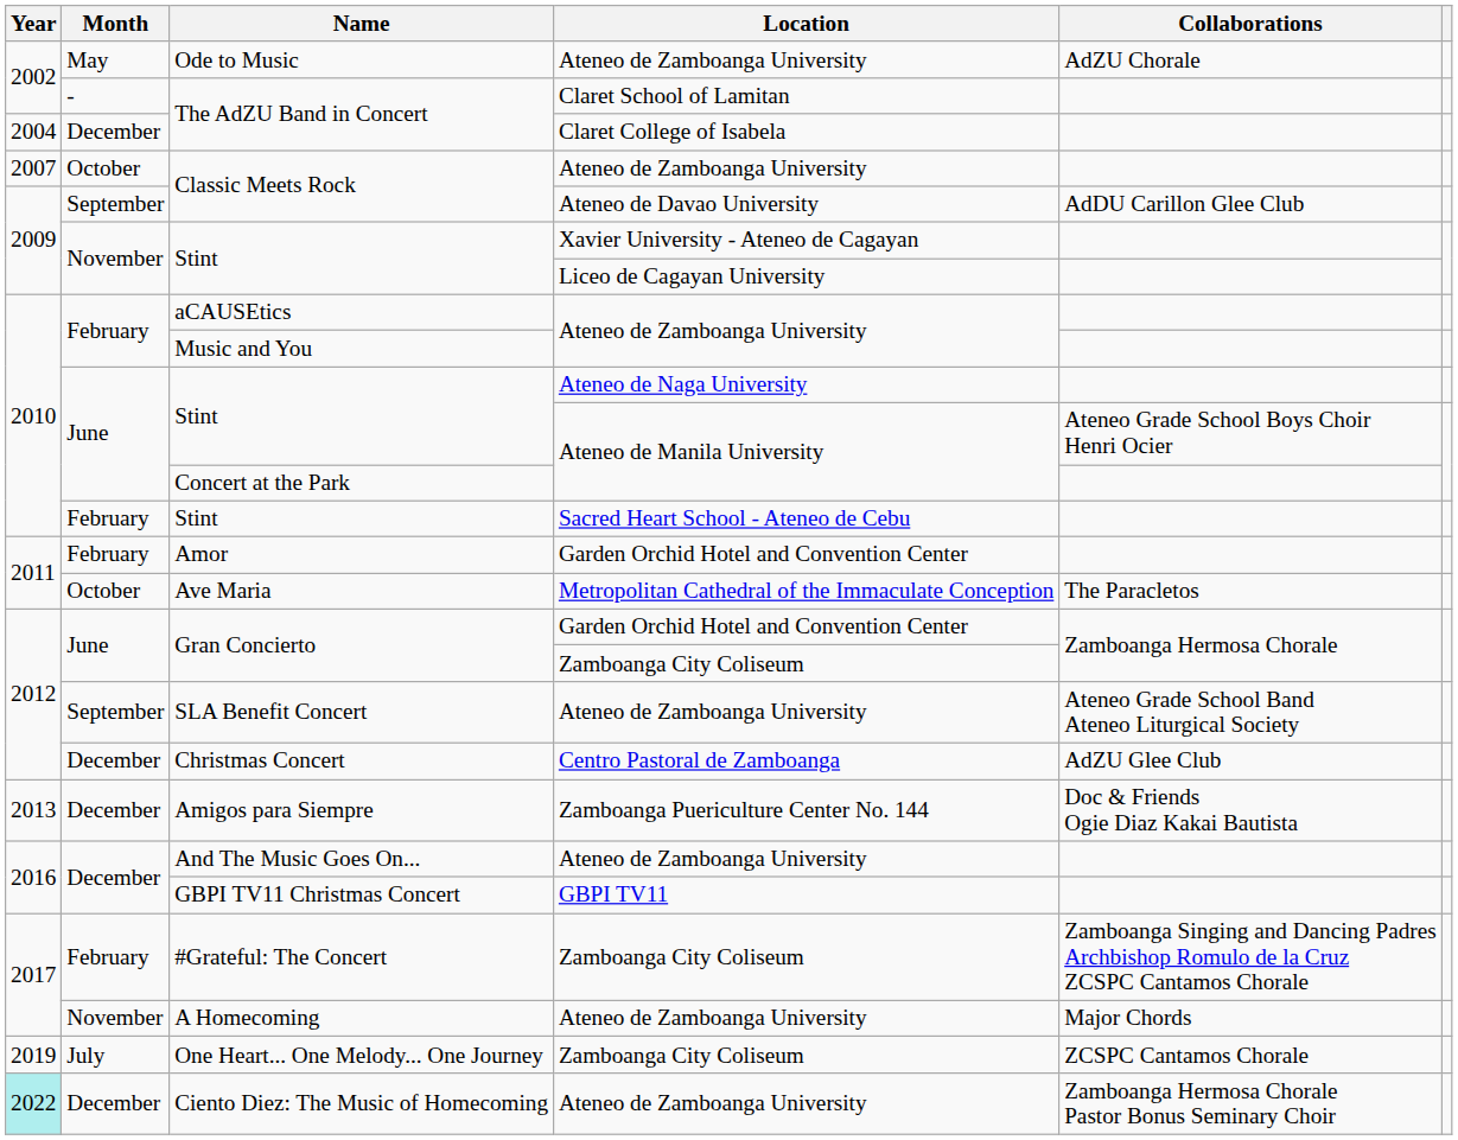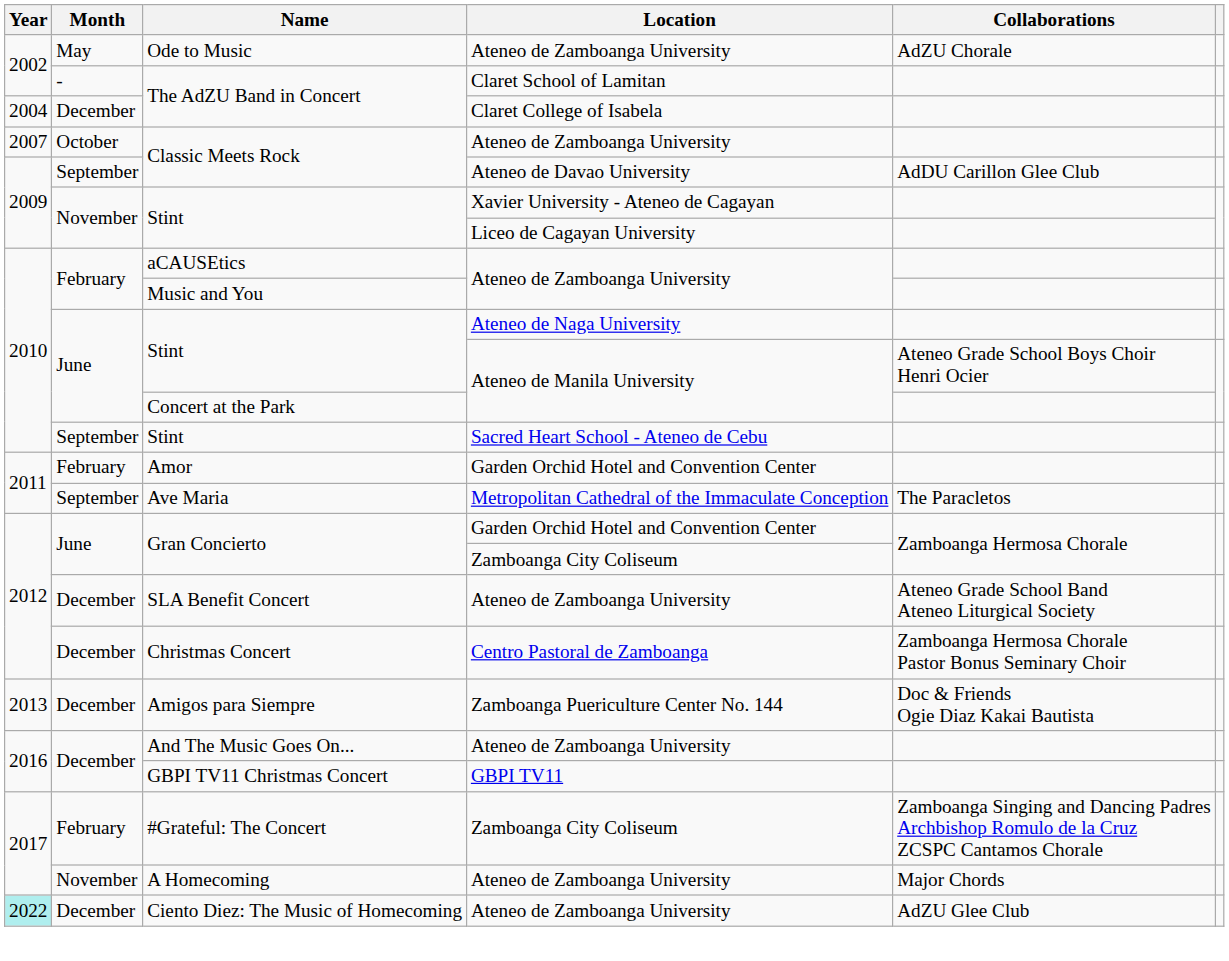 <table class="wikitable">
 <tr>
 <th>Year</th>
 <th>Month</th>
 <th>Name</th>
 <th>Location</th>
 <th>Collaborations</th>
 <th></th>
 </tr>
 <tr>
 <td rowspan="2">2002</td>
 <td>May</td>
 <td>Ode to Music</td>
 <td>Ateneo de Zamboanga University</td>
 <td>AdZU Chorale</td>
 <td></td>
 </tr>
 <tr>
 <td>-</td>
 <td rowspan="2">The AdZU Band in Concert</td>
 <td>Claret School of Lamitan</td>
 <td></td>
 <td></td>
 </tr>
 <tr>
 <td>2004</td>
 <td>December</td>
 <td>Claret College of Isabela</td>
 <td></td>
 <td></td>
 </tr>
 <tr>
 <td>2007</td>
 <td>October</td>
 <td rowspan="2">Classic Meets Rock</td>
 <td>Ateneo de Zamboanga University</td>
 <td></td>
 <td></td>
 </tr>
 <tr>
 <td rowspan="3">2009</td>
 <td>September</td>
 <td>Ateneo de Davao University</td>
 <td>AdDU Carillon Glee Club</td>
 <td></td>
 </tr>
 <tr>
 <td rowspan="2">November</td>
 <td rowspan="2">Stint</td>
 <td>Xavier University - Ateneo de Cagayan</td>
 <td></td>
 <td rowspan="2"></td>
 </tr>
 <tr>
 <td>Liceo de Cagayan University</td>
 <td></td>
 </tr>
 <tr>
 <td rowspan="6">2010</td>
 <td rowspan="2">February</td>
 <td>aCAUSEtics</td>
 <td rowspan="2">Ateneo de Zamboanga University</td>
 <td></td>
 <td></td>
 </tr>
 <tr>
 <td>Music and You</td>
 <td></td>
 <td></td>
 </tr>
 <tr>
 <td rowspan="3">June</td>
 <td rowspan="2">Stint</td>
 <td><a href='#'>Ateneo de Naga University</a></td>
 <td></td>
 <td></td>
 </tr>
 <tr>
 <td rowspan="2">Ateneo de Manila University</td>
 <td>Ateneo Grade School Boys Choir<br>Henri Ocier</td>
 <td rowspan="2"></td>
 </tr>
 <tr>
 <td>Concert at the Park</td>
 <td></td>
 </tr>
 <tr>
-<td>February</td>
+<td>September</td>
 <td>Stint</td>
 <td><a href='#'>Sacred Heart School - Ateneo de Cebu</a></td>
 <td></td>
 <td></td>
 </tr>
 <tr>
 <td rowspan="2">2011</td>
 <td>February</td>
 <td>Amor</td>
 <td>Garden Orchid Hotel and Convention Center</td>
 <td></td>
 <td></td>
 </tr>
 <tr>
-<td>October</td>
+<td>September</td>
 <td>Ave Maria</td>
 <td><a href='#'>Metropolitan Cathedral of the Immaculate Conception</a></td>
 <td>The Paracletos</td>
 <td></td>
 </tr>
 <tr>
 <td rowspan="4">2012</td>
 <td rowspan="2">June</td>
 <td rowspan="2">Gran Concierto</td>
 <td>Garden Orchid Hotel and Convention Center</td>
 <td rowspan="2">Zamboanga Hermosa Chorale</td>
 <td rowspan="2"></td>
 </tr>
 <tr>
 <td>Zamboanga City Coliseum</td>
 </tr>
 <tr>
-<td>September</td>
+<td>December</td>
 <td>SLA Benefit Concert</td>
 <td>Ateneo de Zamboanga University</td>
 <td>Ateneo Grade School Band<br>Ateneo Liturgical Society</td>
 <td></td>
 </tr>
 <tr>
 <td>December</td>
 <td>Christmas Concert</td>
 <td><a href='#'>Centro Pastoral de Zamboanga</a></td>
-<td>AdZU Glee Club</td>
+<td>Zamboanga Hermosa Chorale<br>Pastor Bonus Seminary Choir</td>
 <td></td>
 </tr>
 <tr>
 <td>2013</td>
 <td>December</td>
 <td>Amigos para Siempre</td>
 <td>Zamboanga Puericulture Center No. 144</td>
 <td>Doc & Friends<br>Ogie Diaz Kakai Bautista</td>
 <td></td>
 </tr>
 <tr>
 <td rowspan="2">2016</td>
 <td rowspan="2">December</td>
 <td>And The Music Goes On...</td>
 <td>Ateneo de Zamboanga University</td>
 <td></td>
 <td></td>
 </tr>
 <tr>
 <td>GBPI TV11 Christmas Concert</td>
 <td><a href='#'>GBPI TV11</a></td>
 <td></td>
 <td></td>
 </tr>
 <tr>
 <td rowspan="2">2017</td>
 <td>February</td>
 <td>#Grateful: The Concert</td>
 <td>Zamboanga City Coliseum</td>
 <td>Zamboanga Singing and Dancing Padres<br><a href='#'>Archbishop Romulo de la Cruz</a><br>ZCSPC Cantamos Chorale</td>
 <td></td>
 </tr>
 <tr>
 <td>November</td>
 <td>A Homecoming</td>
 <td>Ateneo de Zamboanga University</td>
 <td>Major Chords</td>
 <td></td>
 </tr>
 <tr>
-<td>2019</td>
-<td>July</td>
-<td>One Heart... One Melody... One Journey</td>
-<td>Zamboanga City Coliseum</td>
-<td>ZCSPC Cantamos Chorale</td>
-<td></td>
-</tr>
-<tr>
 <td style="background: paleturquoise;">2022</td>
 <td>December</td>
 <td>Ciento Diez: The Music of Homecoming</td>
 <td>Ateneo de Zamboanga University</td>
-<td>Zamboanga Hermosa Chorale<br>Pastor Bonus Seminary Choir</td>
+<td>AdZU Glee Club</td>
 <td></td>
 </tr>
 </table>
